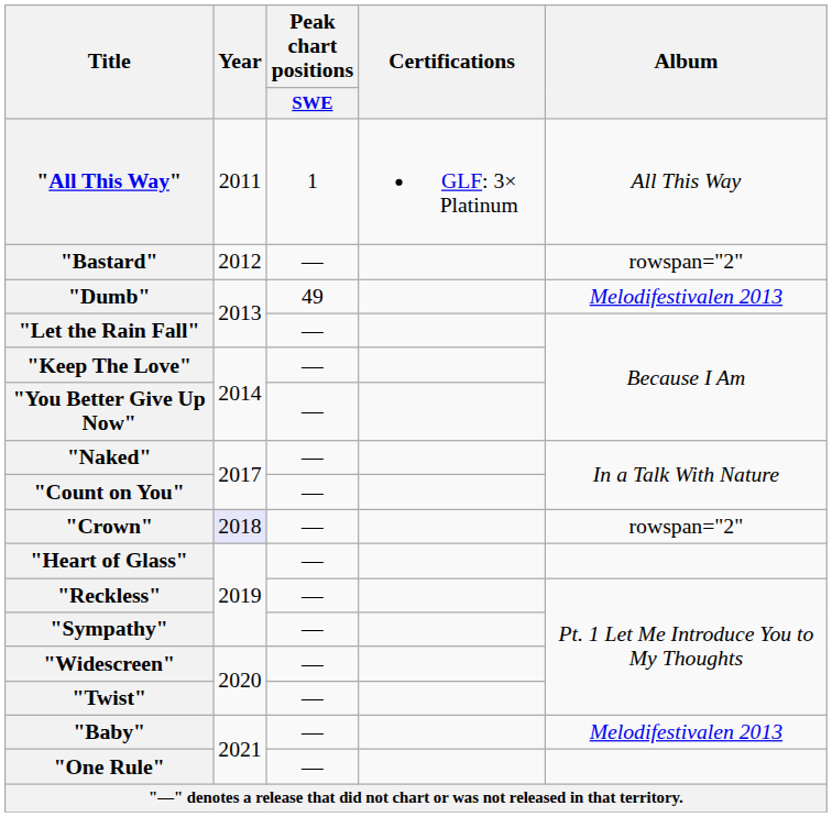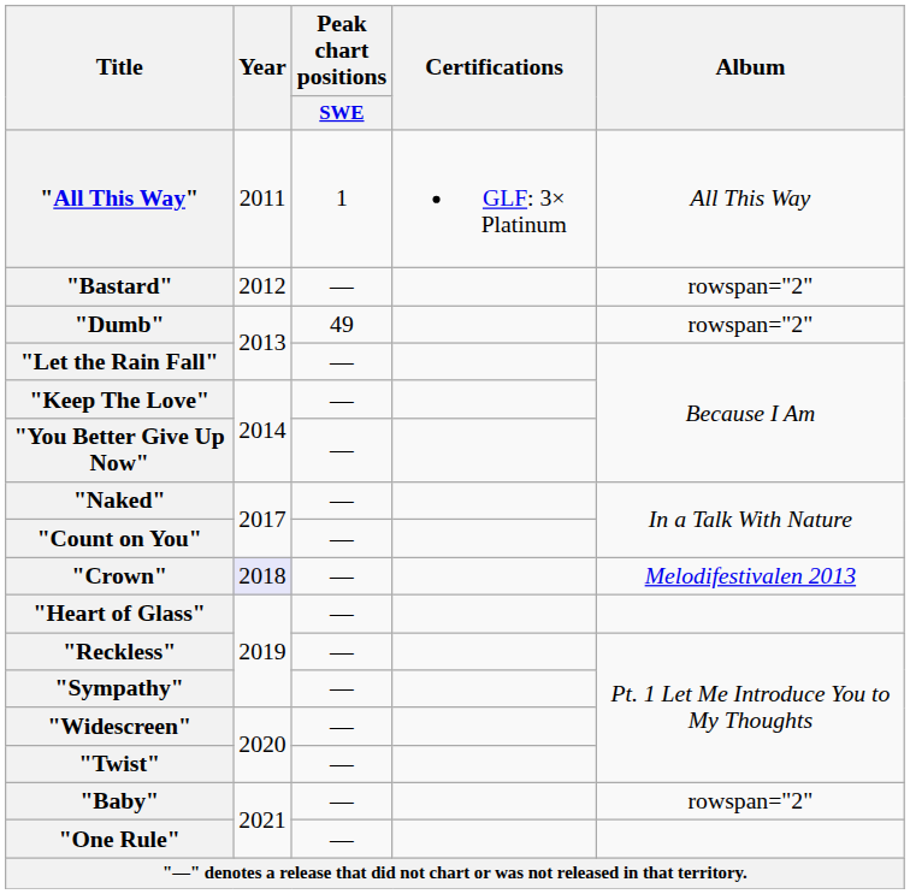 <table class="wikitable plainrowheaders" style="text-align:center;">
 <tr>
 <th scope="col" rowspan="2">Title</th>
 <th scope="col" rowspan="2">Year</th>
 <th scope="col">Peak chart positions</th>
 <th scope="col" rowspan="2">Certifications</th>
 <th scope="col" rowspan="2">Album</th>
 </tr>
 <tr>
 <th scope="col" style="width:3em;font-size:85%;"><a href='#'>SWE</a><br></th>
 </tr>
 <tr>
 <th scope="row">"<a href='#'>All This Way</a>"</th>
 <td>2011</td>
 <td>1</td>
 <td><br><ul><li><a href='#'>GLF</a>: 3× Platinum</li></ul></td>
 <td><em>All This Way</em></td>
 </tr>
 <tr>
 <th scope="row">"Bastard"</th>
 <td>2012</td>
 <td>—</td>
 <td></td>
 <td>rowspan="2" </td>
 </tr>
 <tr>
 <th scope="row">"Dumb"</th>
 <td rowspan="2">2013</td>
 <td>49</td>
 <td></td>
-<td rowspan="1"><em><a href='#'>Melodifestivalen 2013</a></em></td>
+<td>rowspan="2" </td>
 </tr>
 <tr>
 <th scope="row">"Let the Rain Fall"</th>
 <td>—</td>
 <td></td>
 <td rowspan="3"><em>Because I Am</em></td>
 </tr>
 <tr>
 <th scope="row">"Keep The Love"</th>
 <td rowspan="2">2014</td>
 <td>—</td>
 <td></td>
 </tr>
 <tr>
 <th scope="row">"You Better Give Up Now"</th>
 <td>—</td>
 <td></td>
 </tr>
 <tr>
 <th scope="row">"Naked"</th>
 <td rowspan="2">2017</td>
 <td>—</td>
 <td></td>
 <td rowspan="2"><em>In a Talk With Nature</em></td>
 </tr>
 <tr>
 <th scope="row">"Count on You"</th>
 <td>—</td>
 <td></td>
 </tr>
 <tr>
 <th scope="row">"Crown"</th>
 <td style="background: lavender;">2018</td>
 <td>—</td>
 <td></td>
-<td>rowspan="2" </td>
+<td rowspan="1"><em><a href='#'>Melodifestivalen 2013</a></em></td>
 </tr>
 <tr>
 <th scope="row">"Heart of Glass"</th>
 <td rowspan="3">2019</td>
 <td>—</td>
 <td></td>
 </tr>
 <tr>
 <th scope="row">"Reckless"</th>
 <td>—</td>
 <td></td>
 <td rowspan="4"><em>Pt. 1 Let Me Introduce You to My Thoughts</em></td>
 </tr>
 <tr>
 <th scope="row">"Sympathy"</th>
 <td>—</td>
 <td></td>
 </tr>
 <tr>
 <th scope="row">"Widescreen"</th>
 <td rowspan="2">2020</td>
 <td>—</td>
 <td></td>
 </tr>
 <tr>
 <th scope="row">"Twist"</th>
 <td>—</td>
 <td></td>
 </tr>
 <tr>
 <th scope="row">"Baby"</th>
 <td rowspan="2">2021</td>
 <td>—</td>
 <td></td>
-<td rowspan="1"><em><a href='#'>Melodifestivalen 2013</a></em></td>
+<td>rowspan="2" </td>
 </tr>
 <tr>
 <th scope="row">"One Rule"</th>
 <td>—</td>
 <td></td>
 </tr>
 <tr>
 <th colspan="5" style="font-size:75%">"—" denotes a release that did not chart or was not released in that territory.</th>
 </tr>
 </table>
